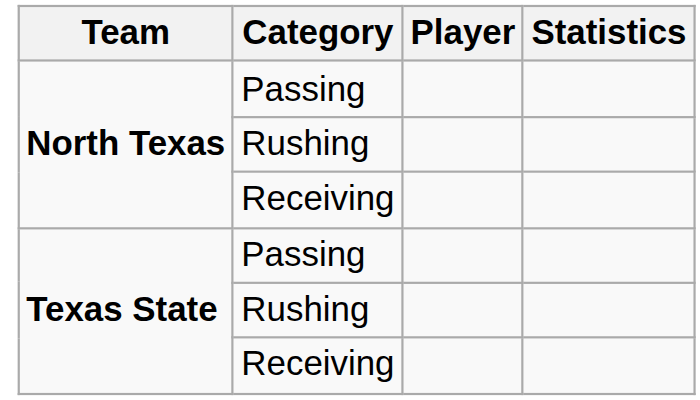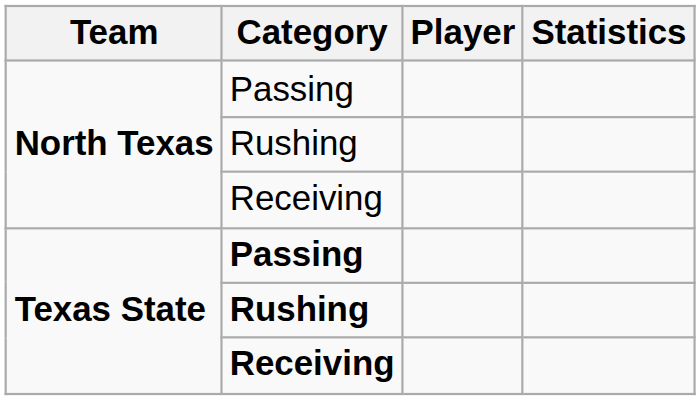 <table class="wikitable" style="float: right;">
 <tr>
 <th>Team</th>
 <th>Category</th>
 <th>Player</th>
 <th>Statistics</th>
 </tr>
 <tr>
 <td rowspan=3><strong>North Texas</strong></td>
 <td>Passing</td>
 <td></td>
 <td></td>
 </tr>
 <tr>
 <td>Rushing</td>
 <td></td>
 <td></td>
 </tr>
 <tr>
 <td>Receiving</td>
 <td></td>
 <td></td>
 </tr>
 <tr>
 <td rowspan=3><strong>Texas State</strong></td>
-<td>Passing</td>
+<td><strong>Passing</strong></td>
 <td></td>
 <td></td>
 </tr>
 <tr>
-<td>Rushing</td>
+<td><strong>Rushing</strong></td>
 <td></td>
 <td></td>
 </tr>
 <tr>
-<td>Receiving</td>
+<td><strong>Receiving</strong></td>
 <td></td>
 <td></td>
 </tr>
 </table>
